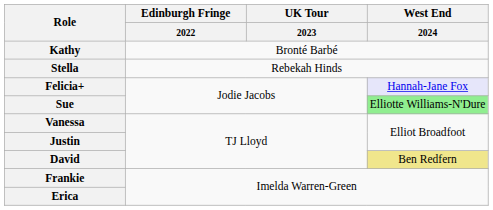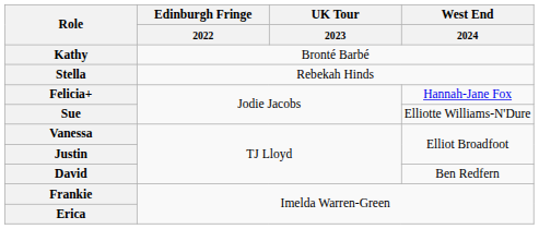 <table class="wikitable">
 <tr>
 <th style="width:25%;"rowspan="2">Role</th>
 <th style="width:25%;">Edinburgh Fringe</th>
 <th style="width:25%;">UK Tour</th>
 <th style="width:25%;">West End</th>
 </tr>
 <tr>
 <th><small>2022</small></th>
 <th><small>2023</small></th>
 <th><small>2024</small></th>
 </tr>
 <tr>
 <th>Kathy</th>
 <td colspan="3"style="text-align:center;">Bronté Barbé</td>
 </tr>
 <tr>
 <th>Stella</th>
 <td colspan="3"style="text-align:center;">Rebekah Hinds</td>
 </tr>
 <tr>
 <th>Felicia+</th>
 <td colspan="2"rowspan="2"style="text-align:center;">Jodie Jacobs</td>
-<td style="background: lavender; text-align:center;"><a href='#'>Hannah-Jane Fox</a></td>
+<td style="text-align:center;"><a href='#'>Hannah-Jane Fox</a></td>
 </tr>
 <tr>
 <th>Sue</th>
-<td style="background: lightgreen; text-align:center;">Elliotte Williams-N'Dure</td>
+<td style="text-align:center;">Elliotte Williams-N'Dure</td>
 </tr>
 <tr>
 <th>Vanessa</th>
 <td colspan="2"rowspan="3"style="text-align:center;">TJ Lloyd</td>
 <td rowspan="2"style="text-align:center;">Elliot Broadfoot</td>
 </tr>
 <tr>
 <th>Justin</th>
 </tr>
 <tr>
 <th>David</th>
-<td style="background: khaki; text-align:center;">Ben Redfern</td>
+<td style="text-align:center;">Ben Redfern</td>
 </tr>
 <tr>
 <th>Frankie</th>
 <td colspan="3"rowspan="2"style="text-align:center;">Imelda Warren-Green</td>
 </tr>
 <tr>
 <th>Erica</th>
 </tr>
 </table>
